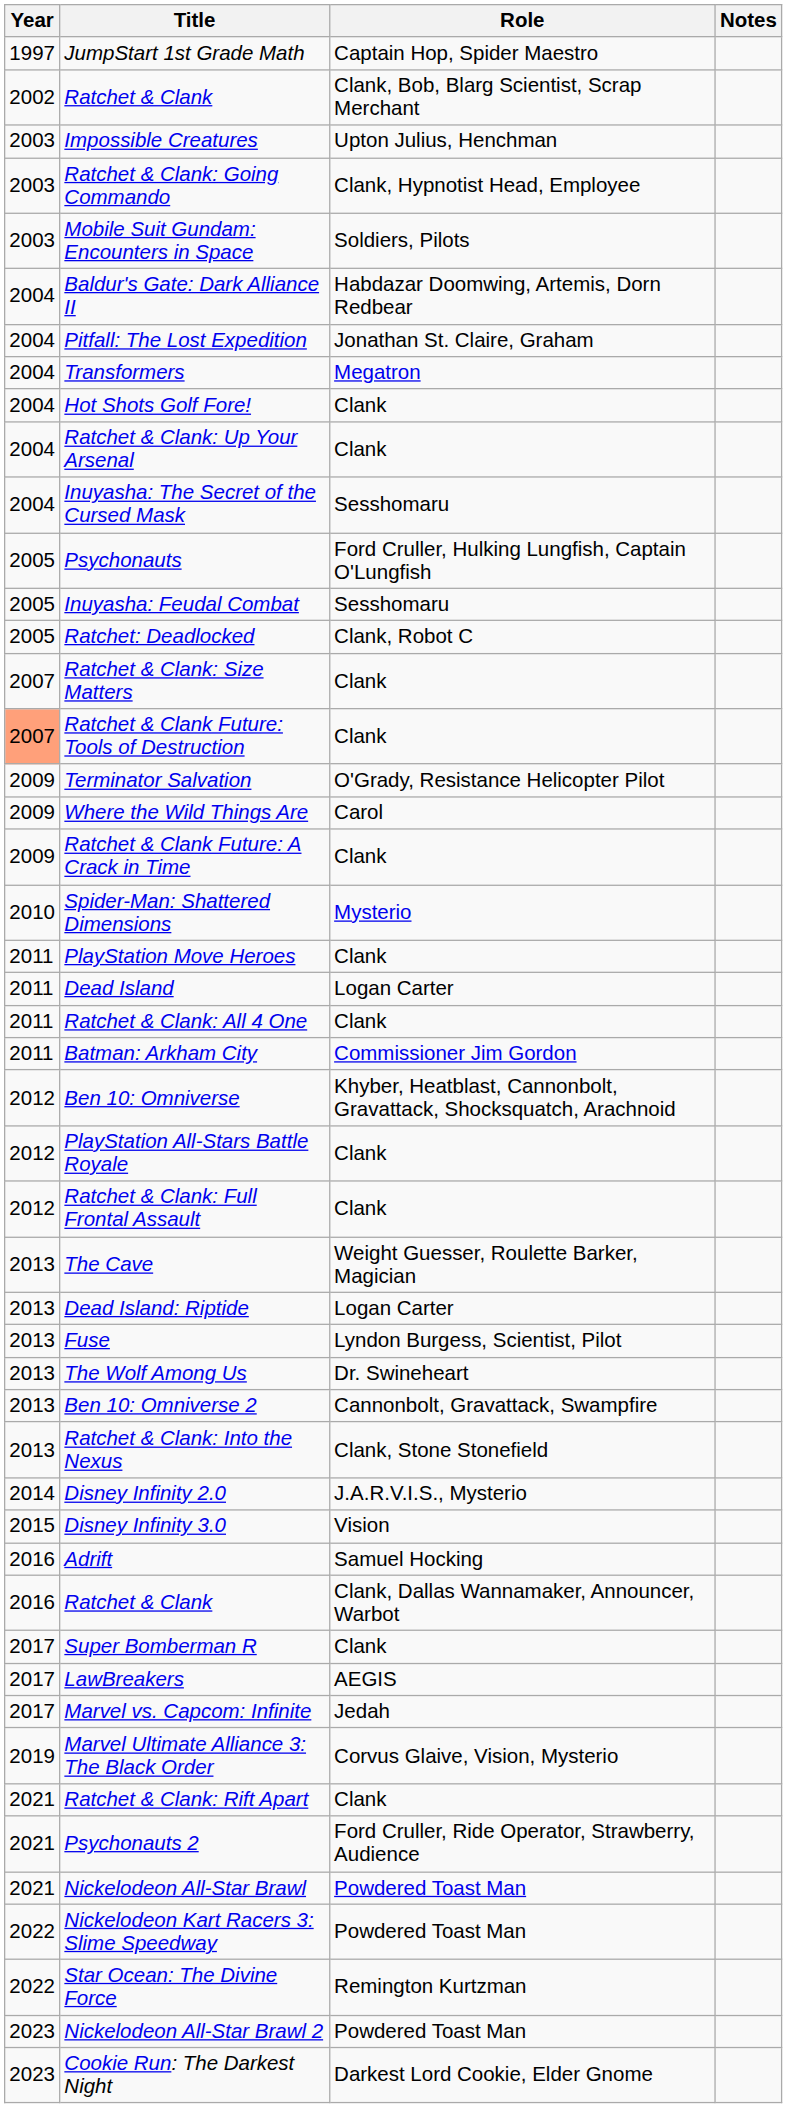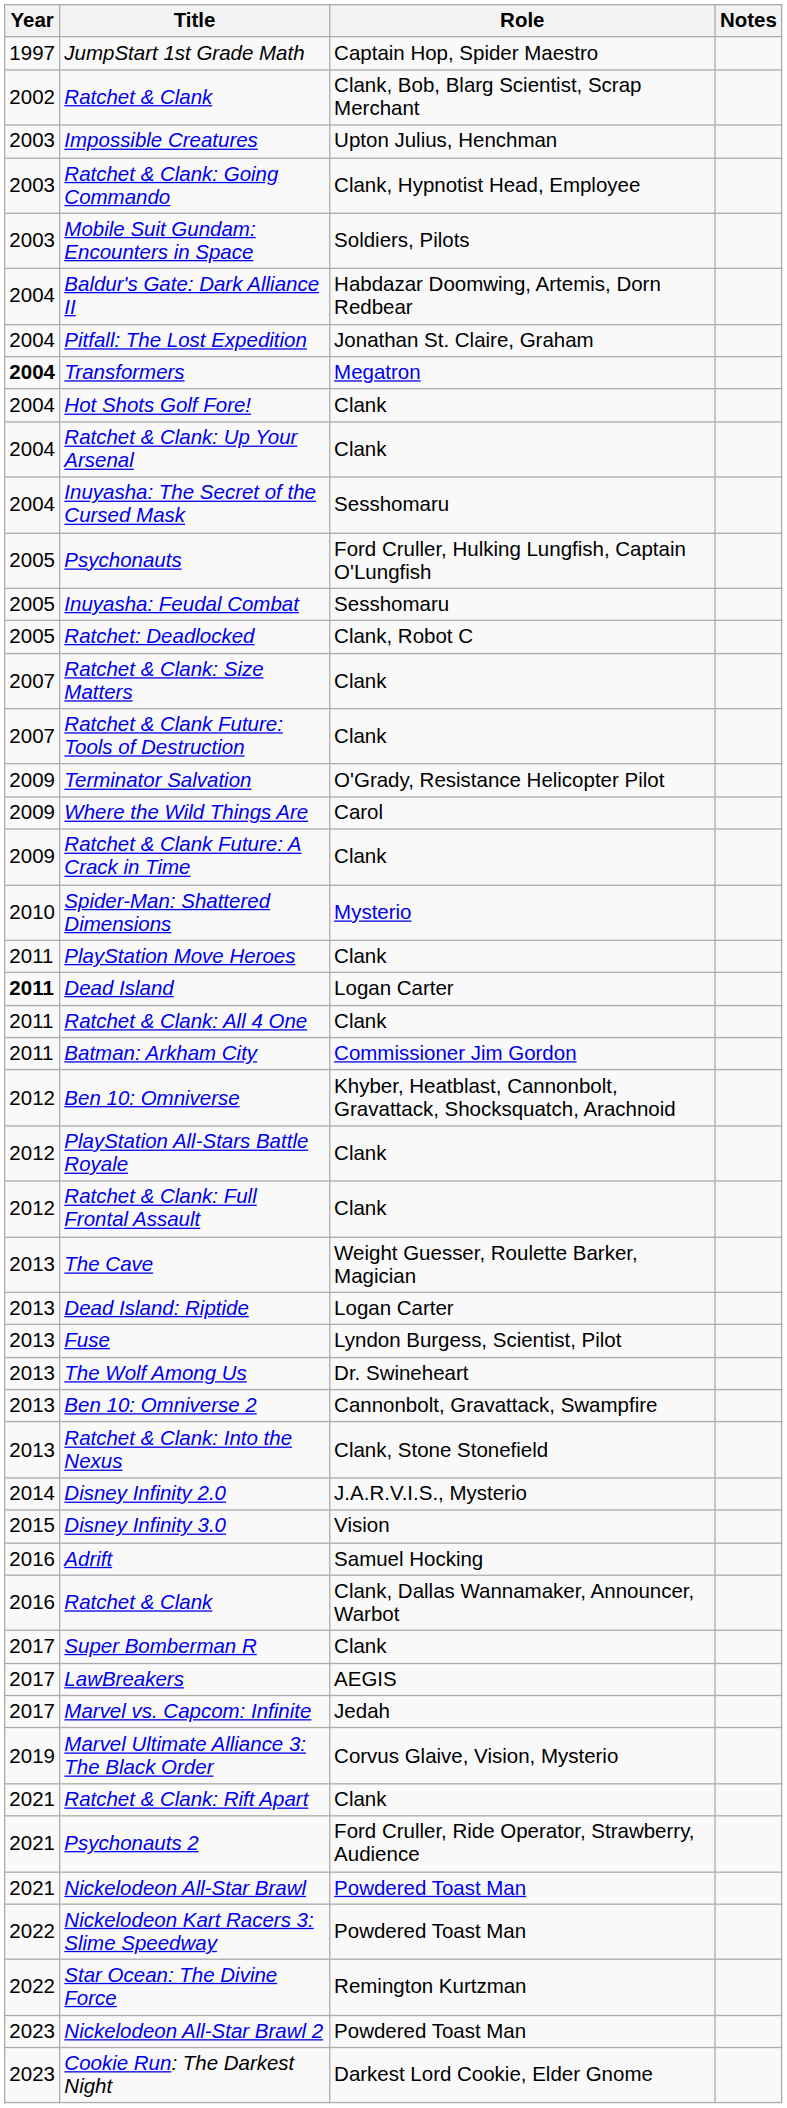 <table class="wikitable sortable">
 <tr>
 <th>Year</th>
 <th>Title</th>
 <th>Role</th>
 <th>Notes</th>
 </tr>
 <tr>
 <td>1997</td>
 <td><em>JumpStart 1st Grade Math</em></td>
 <td>Captain Hop, Spider Maestro</td>
 <td></td>
 </tr>
 <tr>
 <td>2002</td>
 <td><em><a href='#'>Ratchet & Clank</a></em></td>
 <td>Clank, Bob, Blarg Scientist, Scrap Merchant</td>
 <td></td>
 </tr>
 <tr>
 <td>2003</td>
 <td><em><a href='#'>Impossible Creatures</a></em></td>
 <td>Upton Julius, Henchman</td>
 <td></td>
 </tr>
 <tr>
 <td>2003</td>
 <td><em><a href='#'>Ratchet & Clank: Going Commando</a></em></td>
 <td>Clank, Hypnotist Head, Employee</td>
 <td></td>
 </tr>
 <tr>
 <td>2003</td>
 <td><em><a href='#'>Mobile Suit Gundam: Encounters in Space</a></em></td>
 <td>Soldiers, Pilots</td>
 <td></td>
 </tr>
 <tr>
 <td>2004</td>
 <td><em><a href='#'>Baldur's Gate: Dark Alliance II</a></em></td>
 <td>Habdazar Doomwing, Artemis, Dorn Redbear</td>
 <td></td>
 </tr>
 <tr>
 <td>2004</td>
 <td><em><a href='#'>Pitfall: The Lost Expedition</a></em></td>
 <td>Jonathan St. Claire, Graham</td>
 <td></td>
 </tr>
 <tr>
-<td>2004</td>
+<td><strong>2004</strong></td>
 <td><em><a href='#'>Transformers</a></em></td>
 <td><a href='#'>Megatron</a></td>
 <td></td>
 </tr>
 <tr>
 <td>2004</td>
 <td><em><a href='#'>Hot Shots Golf Fore!</a></em></td>
 <td>Clank</td>
 <td></td>
 </tr>
 <tr>
 <td>2004</td>
 <td><em><a href='#'>Ratchet & Clank: Up Your Arsenal</a></em></td>
 <td>Clank</td>
 <td></td>
 </tr>
 <tr>
 <td>2004</td>
 <td><em><a href='#'>Inuyasha: The Secret of the Cursed Mask</a></em></td>
 <td>Sesshomaru</td>
 <td></td>
 </tr>
 <tr>
 <td>2005</td>
 <td><em><a href='#'>Psychonauts</a></em></td>
 <td>Ford Cruller, Hulking Lungfish, Captain O'Lungfish</td>
 <td></td>
 </tr>
 <tr>
 <td>2005</td>
 <td><em><a href='#'>Inuyasha: Feudal Combat</a></em></td>
 <td>Sesshomaru</td>
 <td></td>
 </tr>
 <tr>
 <td>2005</td>
 <td><em><a href='#'>Ratchet: Deadlocked</a></em></td>
 <td>Clank, Robot C</td>
 <td></td>
 </tr>
 <tr>
 <td>2007</td>
 <td><em><a href='#'>Ratchet & Clank: Size Matters</a></em></td>
 <td>Clank</td>
 <td></td>
 </tr>
 <tr>
-<td style="background: lightsalmon;">2007</td>
+<td>2007</td>
 <td><em><a href='#'>Ratchet & Clank Future: Tools of Destruction</a></em></td>
 <td>Clank</td>
 <td></td>
 </tr>
 <tr>
 <td>2009</td>
 <td><em><a href='#'>Terminator Salvation</a></em></td>
 <td>O'Grady, Resistance Helicopter Pilot</td>
 <td></td>
 </tr>
 <tr>
 <td>2009</td>
 <td><em><a href='#'>Where the Wild Things Are</a></em></td>
 <td>Carol</td>
 <td></td>
 </tr>
 <tr>
 <td>2009</td>
 <td><em><a href='#'>Ratchet & Clank Future: A Crack in Time</a></em></td>
 <td>Clank</td>
 <td></td>
 </tr>
 <tr>
 <td>2010</td>
 <td><em><a href='#'>Spider-Man: Shattered Dimensions</a></em></td>
 <td><a href='#'>Mysterio</a></td>
 <td></td>
 </tr>
 <tr>
 <td>2011</td>
 <td><em><a href='#'>PlayStation Move Heroes</a></em></td>
 <td>Clank</td>
 <td></td>
 </tr>
 <tr>
-<td>2011</td>
+<td><strong>2011</strong></td>
 <td><em><a href='#'>Dead Island</a></em></td>
 <td>Logan Carter</td>
 <td></td>
 </tr>
 <tr>
 <td>2011</td>
 <td><em><a href='#'>Ratchet & Clank: All 4 One</a></em></td>
 <td>Clank</td>
 <td></td>
 </tr>
 <tr>
 <td>2011</td>
 <td><em><a href='#'>Batman: Arkham City</a></em></td>
 <td><a href='#'>Commissioner Jim Gordon</a></td>
 <td></td>
 </tr>
 <tr>
 <td>2012</td>
 <td><em><a href='#'>Ben 10: Omniverse</a></em></td>
 <td>Khyber, Heatblast, Cannonbolt, Gravattack, Shocksquatch, Arachnoid</td>
 <td></td>
 </tr>
 <tr>
 <td>2012</td>
 <td><em><a href='#'>PlayStation All-Stars Battle Royale</a></em></td>
 <td>Clank</td>
 <td></td>
 </tr>
 <tr>
 <td>2012</td>
 <td><em><a href='#'>Ratchet & Clank: Full Frontal Assault</a></em></td>
 <td>Clank</td>
 <td></td>
 </tr>
 <tr>
 <td>2013</td>
 <td data-sort-value="Cave, The"><em><a href='#'>The Cave</a></em></td>
 <td>Weight Guesser, Roulette Barker, Magician</td>
 <td></td>
 </tr>
 <tr>
 <td>2013</td>
 <td><em><a href='#'>Dead Island: Riptide</a></em></td>
 <td>Logan Carter</td>
 <td></td>
 </tr>
 <tr>
 <td>2013</td>
 <td><em><a href='#'>Fuse</a></em></td>
 <td>Lyndon Burgess, Scientist, Pilot</td>
 <td></td>
 </tr>
 <tr>
 <td>2013</td>
 <td data-sort-value="Wolf Among Us, The"><em><a href='#'>The Wolf Among Us</a></em></td>
 <td>Dr. Swineheart</td>
 <td></td>
 </tr>
 <tr>
 <td>2013</td>
 <td><em><a href='#'>Ben 10: Omniverse 2</a></em></td>
 <td>Cannonbolt, Gravattack, Swampfire</td>
 <td></td>
 </tr>
 <tr>
 <td>2013</td>
 <td><em><a href='#'>Ratchet & Clank: Into the Nexus</a></em></td>
 <td>Clank, Stone Stonefield</td>
 <td></td>
 </tr>
 <tr>
 <td>2014</td>
 <td><em><a href='#'>Disney Infinity 2.0</a></em></td>
 <td>J.A.R.V.I.S., Mysterio</td>
 <td></td>
 </tr>
 <tr>
 <td>2015</td>
 <td><em><a href='#'>Disney Infinity 3.0</a></em></td>
 <td>Vision</td>
 <td></td>
 </tr>
 <tr>
 <td>2016</td>
 <td><em><a href='#'>Adrift</a></em></td>
 <td>Samuel Hocking</td>
 <td></td>
 </tr>
 <tr>
 <td>2016</td>
 <td><em><a href='#'>Ratchet & Clank</a></em></td>
 <td>Clank, Dallas Wannamaker, Announcer, Warbot</td>
 <td></td>
 </tr>
 <tr>
 <td>2017</td>
 <td><em><a href='#'>Super Bomberman R</a></em></td>
 <td>Clank</td>
 <td></td>
 </tr>
 <tr>
 <td>2017</td>
 <td><em><a href='#'>LawBreakers</a></em></td>
 <td>AEGIS</td>
 <td></td>
 </tr>
 <tr>
 <td>2017</td>
 <td><em><a href='#'>Marvel vs. Capcom: Infinite</a></em></td>
 <td>Jedah</td>
 <td></td>
 </tr>
 <tr>
 <td>2019</td>
 <td><em><a href='#'>Marvel Ultimate Alliance 3: The Black Order</a></em></td>
 <td>Corvus Glaive, Vision, Mysterio</td>
 <td></td>
 </tr>
 <tr>
 <td>2021</td>
 <td><em><a href='#'>Ratchet & Clank: Rift Apart</a></em></td>
 <td>Clank</td>
 <td></td>
 </tr>
 <tr>
 <td>2021</td>
 <td><em><a href='#'>Psychonauts 2</a></em></td>
 <td>Ford Cruller, Ride Operator, Strawberry, Audience</td>
 <td></td>
 </tr>
 <tr>
 <td>2021</td>
 <td><em><a href='#'>Nickelodeon All-Star Brawl</a></em></td>
 <td><a href='#'>Powdered Toast Man</a></td>
 <td></td>
 </tr>
 <tr>
 <td>2022</td>
 <td><em><a href='#'>Nickelodeon Kart Racers 3: Slime Speedway</a></em></td>
 <td>Powdered Toast Man</td>
 <td></td>
 </tr>
 <tr>
 <td>2022</td>
 <td><em><a href='#'>Star Ocean: The Divine Force</a></em></td>
 <td>Remington Kurtzman</td>
 <td></td>
 </tr>
 <tr>
 <td>2023</td>
 <td><em><a href='#'>Nickelodeon All-Star Brawl 2</a></em></td>
 <td>Powdered Toast Man</td>
 <td></td>
 </tr>
 <tr>
 <td>2023</td>
 <td><em><a href='#'>Cookie Run</a>: The Darkest Night</em></td>
 <td>Darkest Lord Cookie, Elder Gnome</td>
 <td></td>
 </tr>
 </table>
